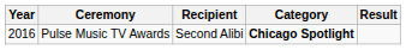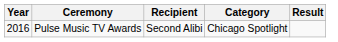 <table class="wikitable">
 <tr>
 <th>Year</th>
 <th>Ceremony</th>
 <th>Recipient</th>
 <th>Category</th>
 <th>Result</th>
 </tr>
 <tr>
 <td rowspan=2>2016</td>
 <td>Pulse Music TV Awards</td>
 <td>Second Alibi</td>
-<td><strong>Chicago Spotlight</strong></td>
+<td>Chicago Spotlight</td>
 <td></td>
 </tr>
 </table>
